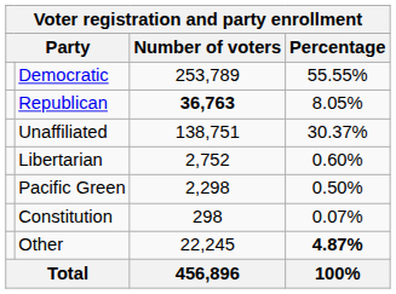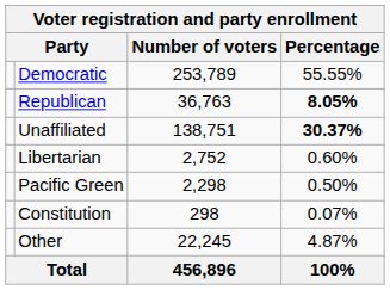 <table class=wikitable style=margin:auto>
 <tr>
 <th colspan = 6>Voter registration and party enrollment </th>
 </tr>
 <tr>
 <th colspan = 2>Party</th>
 <th>Number of voters</th>
 <th>Percentage</th>
 </tr>
 <tr>
 <td></td>
 <td><a href='#'>Democratic</a></td>
 <td style="text-align:center;">253,789</td>
 <td style="text-align:center;">55.55%</td>
 </tr>
 <tr>
 <td></td>
 <td><a href='#'>Republican</a></td>
-<td style="text-align:center;"><strong>36,763</strong></td>
-<td style="text-align:center;">8.05%</td>
+<td style="text-align:center;">36,763</td>
+<td style="text-align:center;"><strong>8.05%</strong></td>
 </tr>
 <tr>
 <td></td>
 <td>Unaffiliated</td>
 <td style="text-align:center;">138,751</td>
-<td style="text-align:center;">30.37%</td>
+<td style="text-align:center;"><strong>30.37%</strong></td>
 </tr>
 <tr>
 <td></td>
 <td>Libertarian</td>
 <td style="text-align:center;">2,752</td>
 <td style="text-align:center;">0.60%</td>
 </tr>
 <tr>
 <td></td>
 <td>Pacific Green</td>
 <td style="text-align:center;">2,298</td>
 <td style="text-align:center;">0.50%</td>
 </tr>
 <tr>
 <td></td>
 <td>Constitution</td>
 <td style="text-align:center;">298</td>
 <td style="text-align:center;">0.07%</td>
 </tr>
 <tr>
 <td></td>
 <td>Other</td>
 <td style="text-align:center;">22,245</td>
-<td style="text-align:center;"><strong>4.87%</strong></td>
+<td style="text-align:center;">4.87%</td>
 </tr>
 <tr>
 <th colspan = 2>Total</th>
 <th style="text-align:center;">456,896</th>
 <th style="text-align:center;">100%</th>
 </tr>
 </table>
